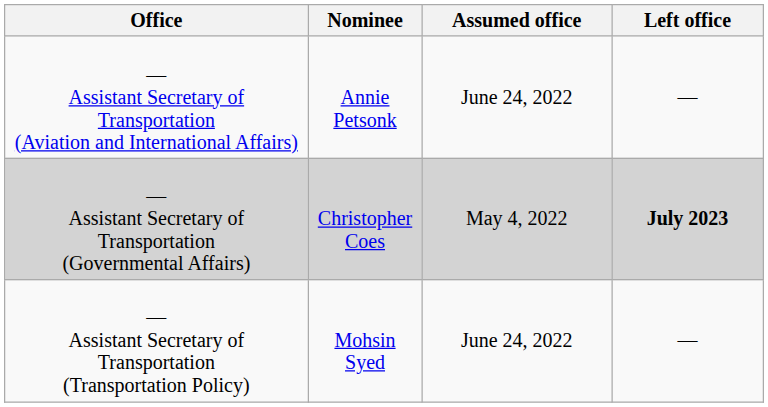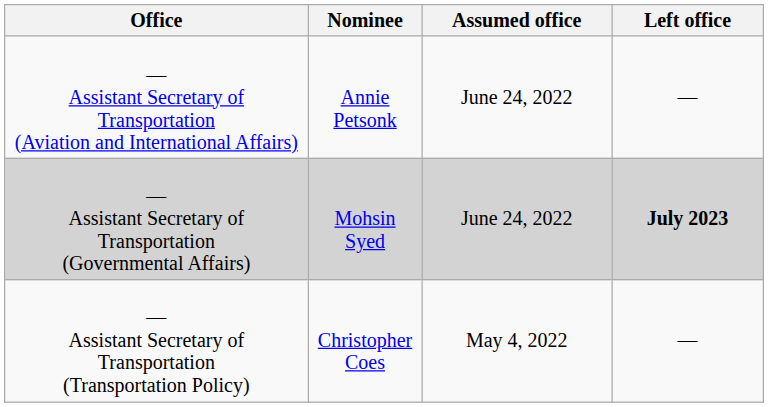 <table class="wikitable sortable" style="text-align:center">
 <tr>
 <th style="width:40%;">Office</th>
 <th style="width:15%;">Nominee</th>
 <th style="width:25%;" data-sort-type="date">Assumed office</th>
 <th style="width:20%;" data-sort-type="date">Left office</th>
 </tr>
 <tr>
 <td><br>—<br><a href='#'>Assistant Secretary of Transportation<br>(Aviation and International Affairs)</a></td>
 <td><br><a href='#'>Annie Petsonk</a></td>
 <td>June 24, 2022<br></td>
 <td>—</td>
 </tr>
 <tr style="background:lightgray;">
 <td><br>—<br>Assistant Secretary of Transportation<br>(Governmental Affairs)</td>
-<td> <br> <a href='#'>Christopher Coes</a></td>
-<td>May 4, 2022<br></td>
+<td><br><a href='#'>Mohsin Syed</a></td>
+<td>June 24, 2022<br></td>
 <td><strong>July 2023</strong></td>
 </tr>
 <tr>
 <td><br>—<br>Assistant Secretary of Transportation<br>(Transportation Policy)</td>
-<td><br><a href='#'>Mohsin Syed</a></td>
-<td>June 24, 2022<br></td>
+<td> <br> <a href='#'>Christopher Coes</a></td>
+<td>May 4, 2022<br></td>
 <td>—</td>
 </tr>
 </table>
